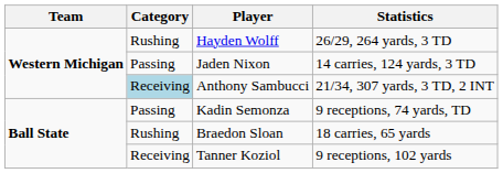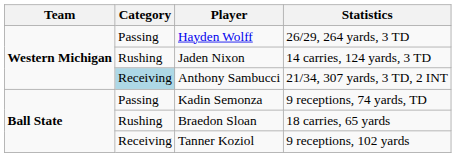 <table class="wikitable" style="float: right;">
 <tr>
 <th>Team</th>
 <th>Category</th>
 <th>Player</th>
 <th>Statistics</th>
 </tr>
 <tr>
 <td rowspan=3><strong>Western Michigan</strong></td>
-<td>Rushing</td>
+<td>Passing</td>
 <td><a href='#'>Hayden Wolff</a></td>
 <td>26/29, 264 yards, 3 TD</td>
 </tr>
 <tr>
-<td>Passing</td>
+<td>Rushing</td>
 <td>Jaden Nixon</td>
 <td>14 carries, 124 yards, 3 TD</td>
 </tr>
 <tr>
 <td style="background: lightblue;">Receiving</td>
 <td>Anthony Sambucci</td>
 <td>21/34, 307 yards, 3 TD, 2 INT</td>
 </tr>
 <tr>
 <td rowspan=3><strong>Ball State</strong></td>
 <td>Passing</td>
 <td>Kadin Semonza</td>
 <td>9 receptions, 74 yards, TD</td>
 </tr>
 <tr>
 <td>Rushing</td>
 <td>Braedon Sloan</td>
 <td>18 carries, 65 yards</td>
 </tr>
 <tr>
 <td>Receiving</td>
 <td>Tanner Koziol</td>
 <td>9 receptions, 102 yards</td>
 </tr>
 </table>
